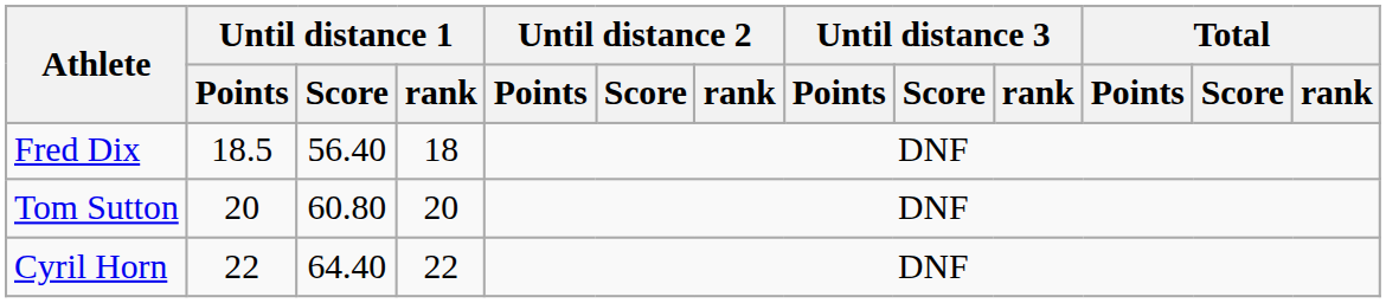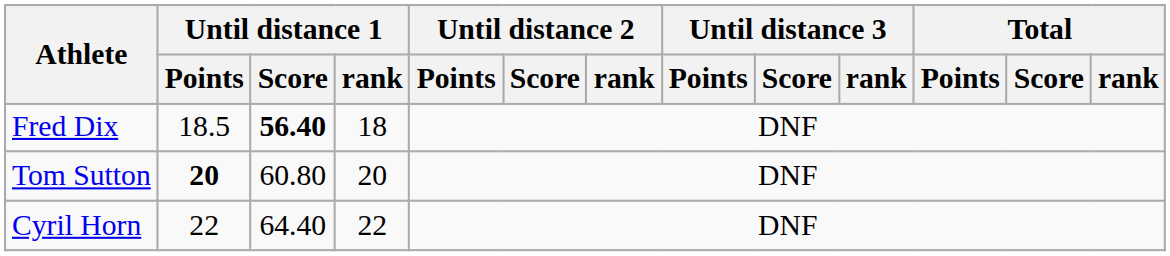 <table class="wikitable" border="1" style="font-size:90%">
 <tr>
 <th rowspan=2>Athlete</th>
 <th colspan=3>Until distance 1</th>
 <th colspan=3>Until distance 2</th>
 <th colspan=3>Until distance 3</th>
 <th colspan=3>Total</th>
 </tr>
 <tr>
 <th>Points</th>
 <th>Score</th>
 <th>rank</th>
 <th>Points</th>
 <th>Score</th>
 <th>rank</th>
 <th>Points</th>
 <th>Score</th>
 <th>rank</th>
 <th>Points</th>
 <th>Score</th>
 <th>rank</th>
 </tr>
 <tr>
 <td><a href='#'>Fred Dix</a></td>
 <td align=center>18.5</td>
-<td align=center>56.40</td>
+<td align=center><strong>56.40</strong></td>
 <td align=center>18</td>
 <td colspan=9 align=center>DNF</td>
 </tr>
 <tr>
 <td><a href='#'>Tom Sutton</a></td>
-<td align=center>20</td>
+<td align=center><strong>20</strong></td>
 <td align=center>60.80</td>
 <td align=center>20</td>
 <td colspan=9 align=center>DNF</td>
 </tr>
 <tr>
 <td><a href='#'>Cyril Horn</a></td>
 <td align=center>22</td>
 <td align=center>64.40</td>
 <td align=center>22</td>
 <td colspan=9 align=center>DNF</td>
 </tr>
 </table>
